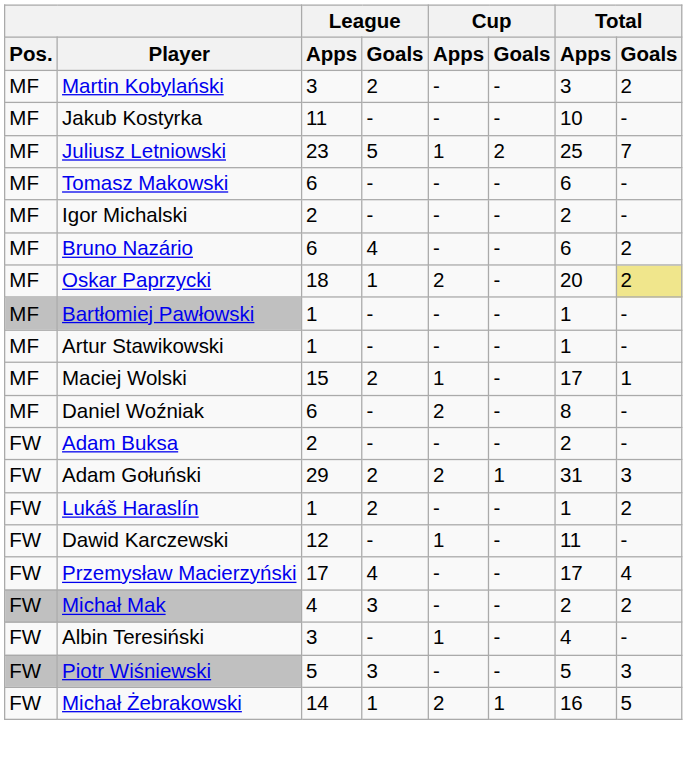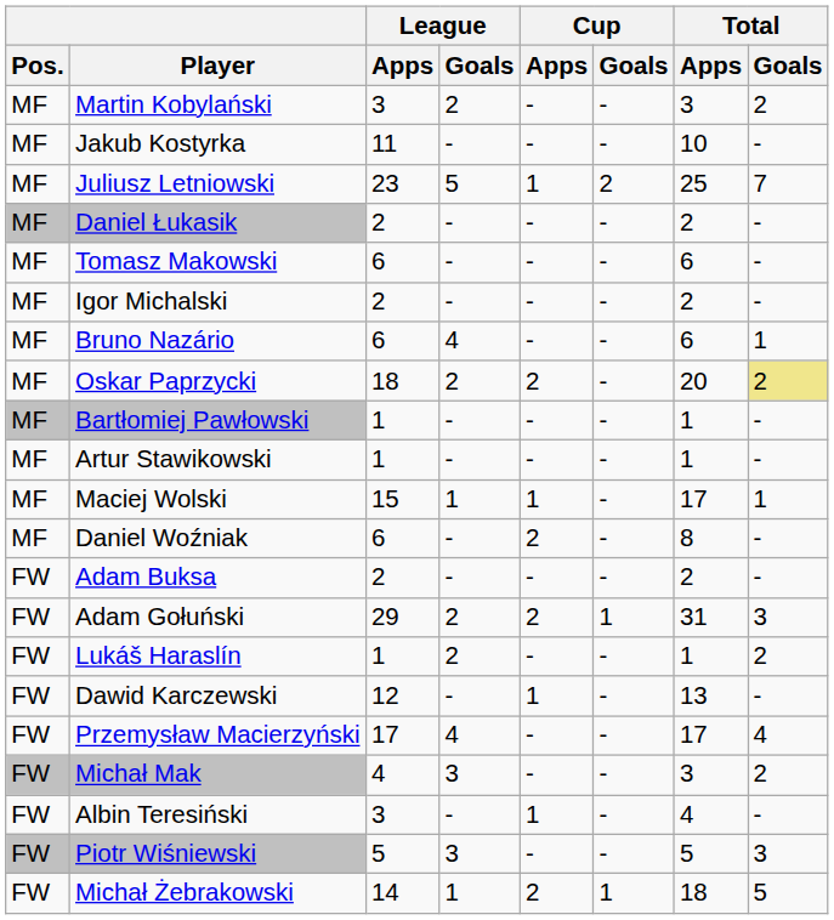 <table class="wikitable" style="display: inline-table;">
 <tr>
 <th colspan="2"></th>
 <th colspan="2">League</th>
 <th colspan="2">Cup</th>
 <th colspan="2">Total</th>
 </tr>
 <tr>
 <th>Pos.</th>
 <th>Player</th>
 <th>Apps</th>
 <th>Goals</th>
 <th>Apps</th>
 <th>Goals</th>
 <th>Apps</th>
 <th>Goals</th>
 </tr>
 <tr>
 <td>MF</td>
 <td><a href='#'>Martin Kobylański</a></td>
 <td>3</td>
 <td>2</td>
 <td>-</td>
 <td>-</td>
 <td>3</td>
 <td>2</td>
 </tr>
 <tr>
 <td>MF</td>
 <td>Jakub Kostyrka</td>
 <td>11</td>
 <td>-</td>
 <td>-</td>
 <td>-</td>
 <td>10</td>
 <td>-</td>
 </tr>
 <tr>
 <td>MF</td>
 <td><a href='#'>Juliusz Letniowski</a></td>
 <td>23</td>
 <td>5</td>
 <td>1</td>
 <td>2</td>
 <td>25</td>
 <td>7</td>
 </tr>
 <tr>
+<td bgcolor=silver >MF</td>
+<td bgcolor=silver ><a href='#'>Daniel Łukasik</a></td>
+<td>2</td>
+<td>-</td>
+<td>-</td>
+<td>-</td>
+<td>2</td>
+<td>-</td>
+</tr>
+<tr>
 <td>MF</td>
 <td><a href='#'>Tomasz Makowski</a></td>
 <td>6</td>
 <td>-</td>
 <td>-</td>
 <td>-</td>
 <td>6</td>
 <td>-</td>
 </tr>
 <tr>
 <td>MF</td>
 <td>Igor Michalski</td>
 <td>2</td>
 <td>-</td>
 <td>-</td>
 <td>-</td>
 <td>2</td>
 <td>-</td>
 </tr>
 <tr>
 <td>MF</td>
 <td><a href='#'>Bruno Nazário</a></td>
 <td>6</td>
 <td>4</td>
 <td>-</td>
 <td>-</td>
 <td>6</td>
-<td>2</td>
+<td>1</td>
 </tr>
 <tr>
 <td>MF</td>
 <td><a href='#'>Oskar Paprzycki</a></td>
 <td>18</td>
-<td>1</td>
+<td>2</td>
 <td>2</td>
 <td>-</td>
 <td>20</td>
 <td style="background: khaki;">2</td>
 </tr>
 <tr>
 <td bgcolor=silver >MF</td>
 <td bgcolor=silver ><a href='#'>Bartłomiej Pawłowski</a></td>
 <td>1</td>
 <td>-</td>
 <td>-</td>
 <td>-</td>
 <td>1</td>
 <td>-</td>
 </tr>
 <tr>
 <td>MF</td>
 <td>Artur Stawikowski</td>
 <td>1</td>
 <td>-</td>
 <td>-</td>
 <td>-</td>
 <td>1</td>
 <td>-</td>
 </tr>
 <tr>
 <td>MF</td>
 <td>Maciej Wolski</td>
 <td>15</td>
-<td>2</td>
+<td>1</td>
 <td>1</td>
 <td>-</td>
 <td>17</td>
 <td>1</td>
 </tr>
 <tr>
 <td>MF</td>
 <td>Daniel Woźniak</td>
 <td>6</td>
 <td>-</td>
 <td>2</td>
 <td>-</td>
 <td>8</td>
 <td>-</td>
 </tr>
 <tr>
 <td>FW</td>
 <td><a href='#'>Adam Buksa</a></td>
 <td>2</td>
 <td>-</td>
 <td>-</td>
 <td>-</td>
 <td>2</td>
 <td>-</td>
 </tr>
 <tr>
 <td>FW</td>
 <td>Adam Gołuński</td>
 <td>29</td>
 <td>2</td>
 <td>2</td>
 <td>1</td>
 <td>31</td>
 <td>3</td>
 </tr>
 <tr>
 <td>FW</td>
 <td><a href='#'>Lukáš Haraslín</a></td>
 <td>1</td>
 <td>2</td>
 <td>-</td>
 <td>-</td>
 <td>1</td>
 <td>2</td>
 </tr>
 <tr>
 <td>FW</td>
 <td>Dawid Karczewski</td>
 <td>12</td>
 <td>-</td>
 <td>1</td>
 <td>-</td>
-<td>11</td>
+<td>13</td>
 <td>-</td>
 </tr>
 <tr>
 <td>FW</td>
 <td><a href='#'>Przemysław Macierzyński</a></td>
 <td>17</td>
 <td>4</td>
 <td>-</td>
 <td>-</td>
 <td>17</td>
 <td>4</td>
 </tr>
 <tr>
 <td bgcolor=silver >FW</td>
 <td bgcolor=silver ><a href='#'>Michał Mak</a></td>
 <td>4</td>
 <td>3</td>
 <td>-</td>
 <td>-</td>
-<td>2</td>
+<td>3</td>
 <td>2</td>
 </tr>
 <tr>
 <td>FW</td>
 <td>Albin Teresiński</td>
 <td>3</td>
 <td>-</td>
 <td>1</td>
 <td>-</td>
 <td>4</td>
 <td>-</td>
 </tr>
 <tr>
 <td bgcolor=silver >FW</td>
 <td bgcolor=silver ><a href='#'>Piotr Wiśniewski</a></td>
 <td>5</td>
 <td>3</td>
 <td>-</td>
 <td>-</td>
 <td>5</td>
 <td>3</td>
 </tr>
 <tr>
 <td>FW</td>
 <td><a href='#'>Michał Żebrakowski</a></td>
 <td>14</td>
 <td>1</td>
 <td>2</td>
 <td>1</td>
-<td>16</td>
+<td>18</td>
 <td>5</td>
 </tr>
 </table>
